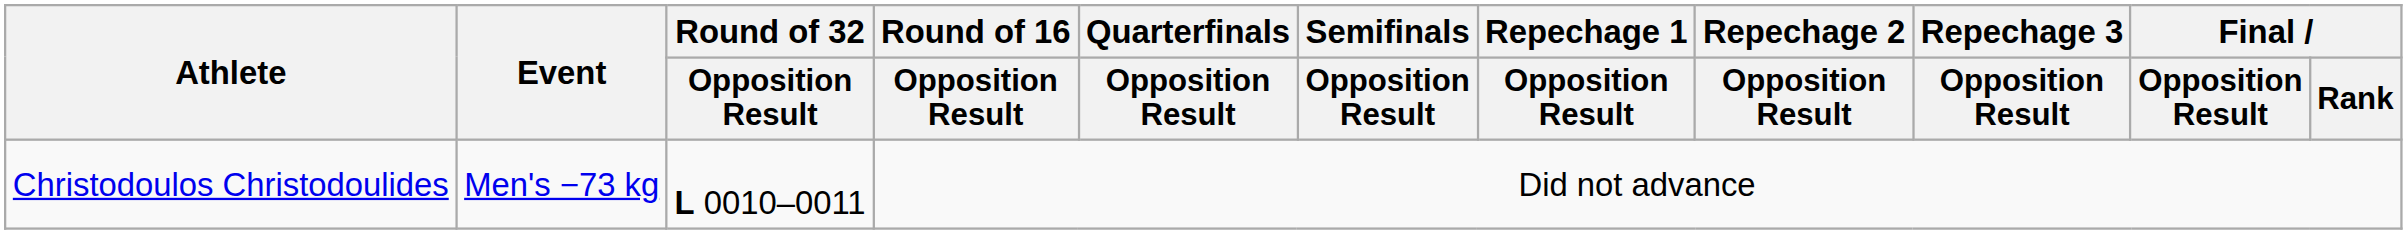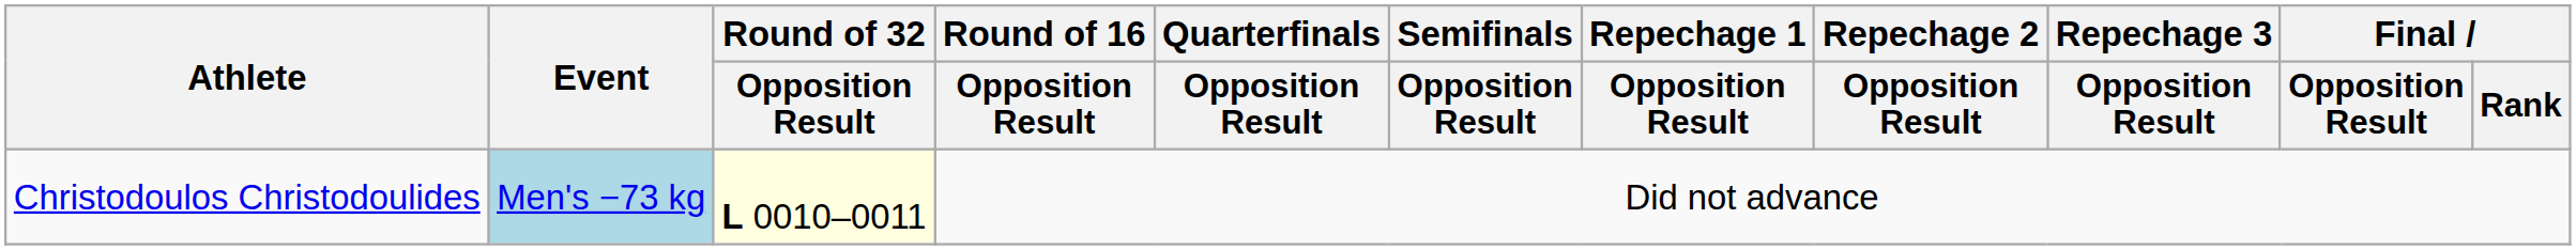 <table class="wikitable" style="font-size:90%">
 <tr>
 <th rowspan="2">Athlete</th>
 <th rowspan="2">Event</th>
 <th>Round of 32</th>
 <th>Round of 16</th>
 <th>Quarterfinals</th>
 <th>Semifinals</th>
 <th>Repechage 1</th>
 <th>Repechage 2</th>
 <th>Repechage 3</th>
 <th colspan=2>Final / </th>
 </tr>
 <tr style="font-size:95%">
 <th>Opposition<br>Result</th>
 <th>Opposition<br>Result</th>
 <th>Opposition<br>Result</th>
 <th>Opposition<br>Result</th>
 <th>Opposition<br>Result</th>
 <th>Opposition<br>Result</th>
 <th>Opposition<br>Result</th>
 <th>Opposition<br>Result</th>
 <th>Rank</th>
 </tr>
 <tr align=center>
 <td align=left><a href='#'>Christodoulos Christodoulides</a></td>
-<td align=left><a href='#'>Men's −73 kg</a></td>
-<td><br><strong>L</strong> 0010–0011</td>
+<td align=left style="background: lightblue;"><a href='#'>Men's −73 kg</a></td>
+<td style="background: lightyellow;"><br><strong>L</strong> 0010–0011</td>
 <td colspan=8>Did not advance</td>
 </tr>
 </table>
